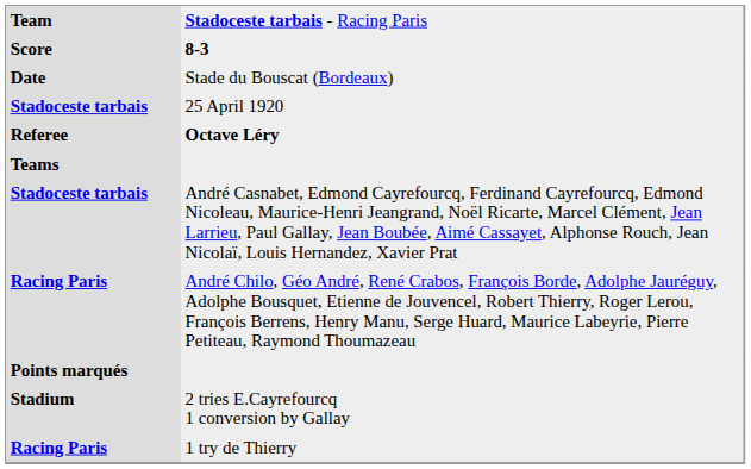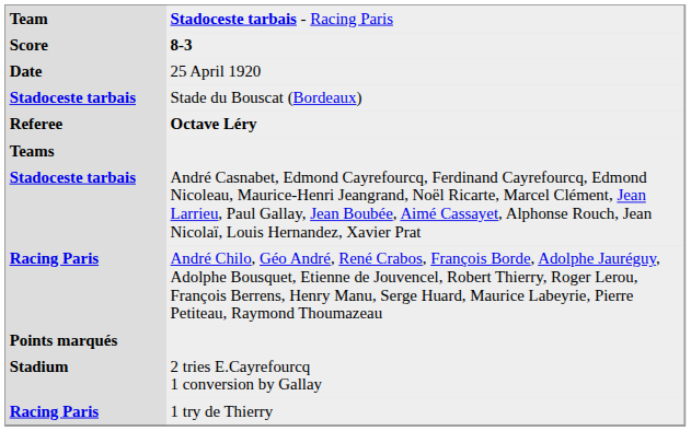 <table align="left" cellpadding="4" cellspacing="0"  style="margin: 0 0 0 0; border: 1px solid #999; border-right-width: 2px; border-bottom-width: 2px; background-color: #DDDDDD">
 <tr>
 <td width="150" valign="top"><strong>Team</strong></td>
 <td width="500" bgcolor=#EEEEEE><strong><a href='#'>Stadoceste tarbais</a></strong> - <a href='#'>Racing Paris</a></td>
 </tr>
 <tr>
 <td valign="top"><strong>Score</strong></td>
 <td bgcolor=#EEEEEE><strong>8-3</strong></td>
 </tr>
 <tr>
 <td valign="top"><strong>Date</strong></td>
-<td bgcolor=#EEEEEE>Stade du Bouscat (<a href='#'>Bordeaux</a>)</td>
+<td bgcolor=#EEEEEE>25 April 1920</td>
 </tr>
 <tr>
 <td valign="top"><strong> <a href='#'>Stadoceste tarbais</a></strong></td>
-<td bgcolor=#EEEEEE>25 April 1920</td>
+<td bgcolor=#EEEEEE>Stade du Bouscat (<a href='#'>Bordeaux</a>)</td>
 </tr>
 <tr>
 <td valign="top"><strong>Referee</strong></td>
 <td bgcolor=#EEEEEE><strong>Octave Léry</strong></td>
 </tr>
 <tr>
 <td valign="top"><strong>Teams</strong></td>
 <td bgcolor=#EEEEEE></td>
 </tr>
 <tr>
 <td valign="top"><strong> <a href='#'>Stadoceste tarbais</a> </strong></td>
 <td bgcolor=#EEEEEE>André Casnabet, Edmond Cayrefourcq, Ferdinand Cayrefourcq, Edmond Nicoleau, Maurice-Henri Jeangrand, Noël Ricarte, Marcel Clément, <a href='#'>Jean Larrieu</a>, Paul Gallay, <a href='#'>Jean Boubée</a>, <a href='#'>Aimé Cassayet</a>, Alphonse Rouch, Jean Nicolaï, Louis Hernandez, Xavier Prat</td>
 </tr>
 <tr>
 <td valign="top"><strong><a href='#'>Racing Paris</a></strong></td>
 <td bgcolor=#EEEEEE><a href='#'>André Chilo</a>, <a href='#'>Géo André</a>, <a href='#'>René Crabos</a>, <a href='#'>François Borde</a>, <a href='#'>Adolphe Jauréguy</a>, Adolphe Bousquet, Etienne de Jouvencel, Robert Thierry, Roger Lerou, François Berrens, Henry Manu, Serge Huard, Maurice Labeyrie, Pierre Petiteau, Raymond Thoumazeau</td>
 </tr>
 <tr>
 <td valign="top"><strong>Points marqués</strong></td>
 <td bgcolor=#EEEEEE></td>
 </tr>
 <tr>
 <td valign="top"><strong>Stadium</strong></td>
 <td bgcolor=#EEEEEE>2 tries E.Cayrefourcq<br>1 conversion by Gallay</td>
 </tr>
 <tr>
 <td valign="top"><strong><a href='#'>Racing Paris</a></strong></td>
 <td bgcolor=#EEEEEE>1 try de Thierry</td>
 </tr>
 </table>
